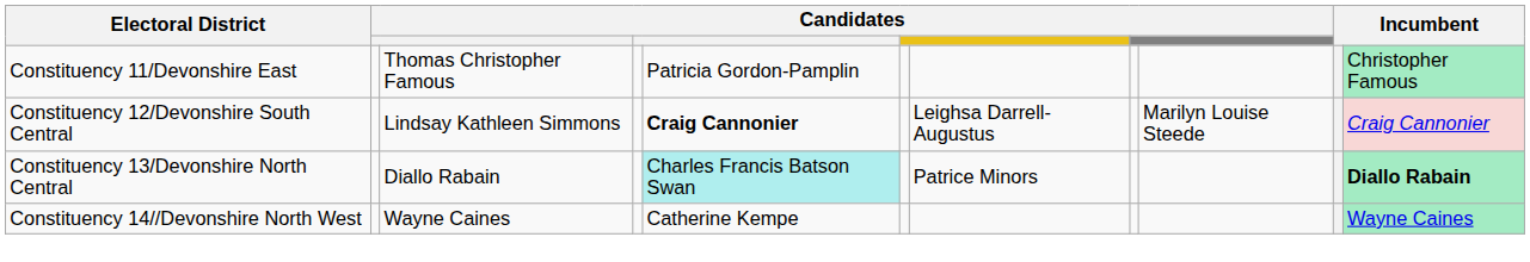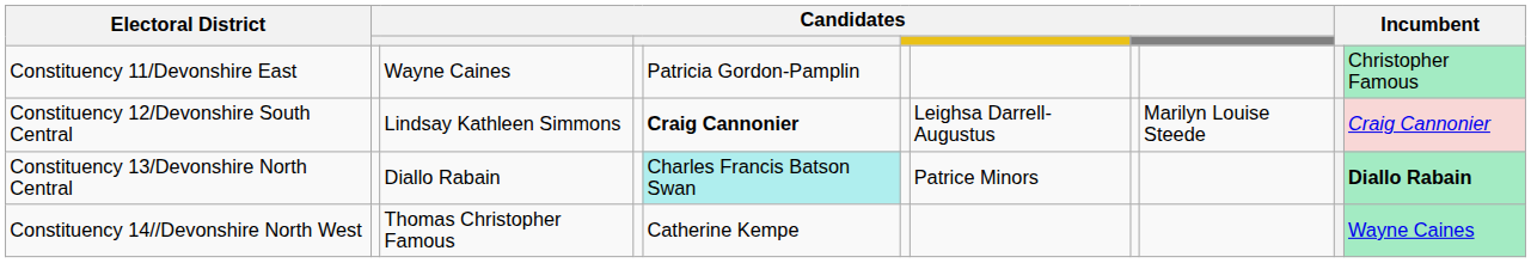 <table class="wikitable">
 <tr>
 <th rowspan="2">Electoral District</th>
 <th colspan="8">Candidates</th>
 <th colspan="2" rowspan="2">Incumbent</th>
 </tr>
 <tr>
 <th colspan="2" style="background:"><a href='#'></a></th>
 <th colspan="2" style="background:"><a href='#'></a></th>
 <td colspan="2" style="background:#EAC117"><a href='#'></a></td>
 <td colspan="2" style="background:grey"><a href='#'></a></td>
 </tr>
 <tr>
 <td>Constituency 11/Devonshire East</td>
 <td></td>
-<td>Thomas Christopher Famous</td>
+<td>Wayne Caines</td>
 <td></td>
 <td>Patricia Gordon-Pamplin</td>
 <td></td>
 <td></td>
 <td></td>
 <td></td>
 <th style="background:"></th>
 <td style="background:#a3ebc3">Christopher Famous</td>
 </tr>
 <tr>
 <td>Constituency 12/Devonshire South Central</td>
 <td></td>
 <td>Lindsay Kathleen Simmons</td>
 <td></td>
 <td><strong>Craig Cannonier</strong></td>
 <td></td>
 <td>Leighsa Darrell-Augustus</td>
 <td></td>
 <td>Marilyn Louise Steede</td>
 <th style="background:"></th>
 <td style="background:#F8D7D6;"><em><a href='#'>Craig Cannonier</a></em></td>
 </tr>
 <tr>
 <td>Constituency 13/Devonshire North Central</td>
 <td></td>
 <td>Diallo Rabain</td>
 <td></td>
 <td style="background: paleturquoise;">Charles Francis Batson Swan</td>
 <td></td>
 <td>Patrice Minors</td>
 <td></td>
 <td></td>
 <th style="background:"></th>
 <td style="background:#a3ebc3"><strong>Diallo Rabain</strong></td>
 </tr>
 <tr>
 <td>Constituency 14//Devonshire North West</td>
 <td></td>
-<td>Wayne Caines</td>
+<td>Thomas Christopher Famous</td>
 <td></td>
 <td>Catherine Kempe</td>
 <td></td>
 <td></td>
 <td></td>
 <td></td>
 <th style="background:"></th>
 <td style="background:#a3ebc3"><a href='#'>Wayne Caines</a></td>
 </tr>
 </table>
